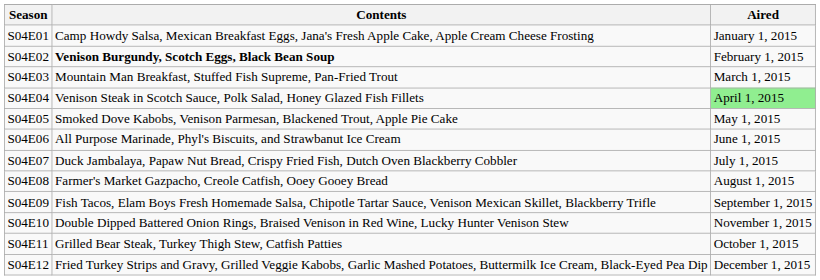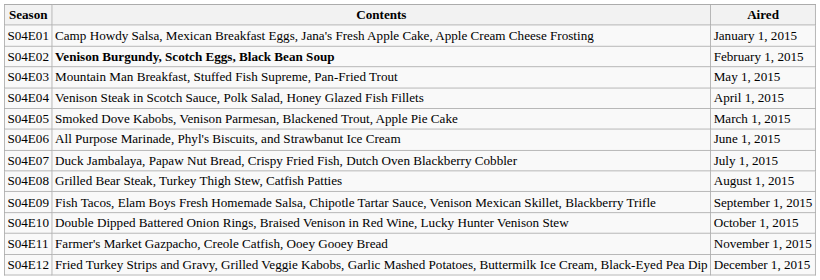 <table class="wikitable">
 <tr>
 </tr>
 <tr>
 <th>Season</th>
 <th>Contents</th>
 <th>Aired</th>
 </tr>
 <tr>
 <td>S04E01</td>
 <td>Camp Howdy Salsa, Mexican Breakfast Eggs, Jana's Fresh Apple Cake, Apple Cream Cheese Frosting</td>
 <td>January 1, 2015</td>
 </tr>
 <tr>
 <td>S04E02</td>
 <td><strong>Venison Burgundy, Scotch Eggs, Black Bean Soup</strong></td>
 <td>February 1, 2015</td>
 </tr>
 <tr>
 <td>S04E03</td>
 <td>Mountain Man Breakfast, Stuffed Fish Supreme, Pan-Fried Trout</td>
-<td>March 1, 2015</td>
+<td>May 1, 2015</td>
 </tr>
 <tr>
 <td>S04E04</td>
 <td>Venison Steak in Scotch Sauce, Polk Salad, Honey Glazed Fish Fillets</td>
-<td style="background: lightgreen;">April 1, 2015</td>
+<td>April 1, 2015</td>
 </tr>
 <tr>
 <td>S04E05</td>
 <td>Smoked Dove Kabobs, Venison Parmesan, Blackened Trout, Apple Pie Cake</td>
-<td>May 1, 2015</td>
+<td>March 1, 2015</td>
 </tr>
 <tr>
 <td>S04E06</td>
 <td>All Purpose Marinade, Phyl's Biscuits, and Strawbanut Ice Cream</td>
 <td>June 1, 2015</td>
 </tr>
 <tr>
 <td>S04E07</td>
 <td>Duck Jambalaya, Papaw Nut Bread, Crispy Fried Fish, Dutch Oven Blackberry Cobbler</td>
 <td>July 1, 2015</td>
 </tr>
 <tr>
 <td>S04E08</td>
-<td>Farmer's Market Gazpacho, Creole Catfish, Ooey Gooey Bread</td>
+<td>Grilled Bear Steak, Turkey Thigh Stew, Catfish Patties</td>
 <td>August 1, 2015</td>
 </tr>
 <tr>
 <td>S04E09</td>
 <td>Fish Tacos, Elam Boys Fresh Homemade Salsa, Chipotle Tartar Sauce, Venison Mexican Skillet, Blackberry Trifle</td>
 <td>September 1, 2015</td>
 </tr>
 <tr>
 <td>S04E10</td>
 <td>Double Dipped Battered Onion Rings, Braised Venison in Red Wine, Lucky Hunter Venison Stew</td>
-<td>November 1, 2015</td>
+<td>October 1, 2015</td>
 </tr>
 <tr>
 <td>S04E11</td>
-<td>Grilled Bear Steak, Turkey Thigh Stew, Catfish Patties</td>
-<td>October 1, 2015</td>
+<td>Farmer's Market Gazpacho, Creole Catfish, Ooey Gooey Bread</td>
+<td>November 1, 2015</td>
 </tr>
 <tr>
 <td>S04E12</td>
 <td>Fried Turkey Strips and Gravy, Grilled Veggie Kabobs, Garlic Mashed Potatoes, Buttermilk Ice Cream, Black-Eyed Pea Dip</td>
 <td>December 1, 2015</td>
 </tr>
 </table>
